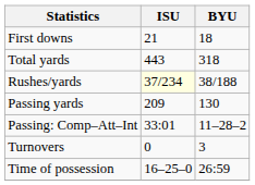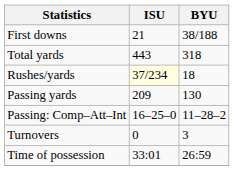 <table class="wikitable" style="float: left;">
 <tr>
 <th>Statistics</th>
 <th>ISU</th>
 <th>BYU</th>
 </tr>
 <tr>
 <td>First downs</td>
 <td>21</td>
-<td>18</td>
+<td>38/188</td>
 </tr>
 <tr>
 <td>Total yards</td>
 <td>443</td>
 <td>318</td>
 </tr>
 <tr>
 <td>Rushes/yards</td>
 <td style="background: lightyellow;">37/234</td>
-<td>38/188</td>
+<td>18</td>
 </tr>
 <tr>
 <td>Passing yards</td>
 <td>209</td>
 <td>130</td>
 </tr>
 <tr>
 <td>Passing: Comp–Att–Int</td>
-<td>33:01</td>
+<td>16–25–0</td>
 <td>11–28–2</td>
 </tr>
 <tr>
 <td>Turnovers</td>
 <td>0</td>
 <td>3</td>
 </tr>
 <tr>
 <td>Time of possession</td>
-<td>16–25–0</td>
+<td>33:01</td>
 <td>26:59</td>
 </tr>
 <tr>
 </tr>
 </table>
